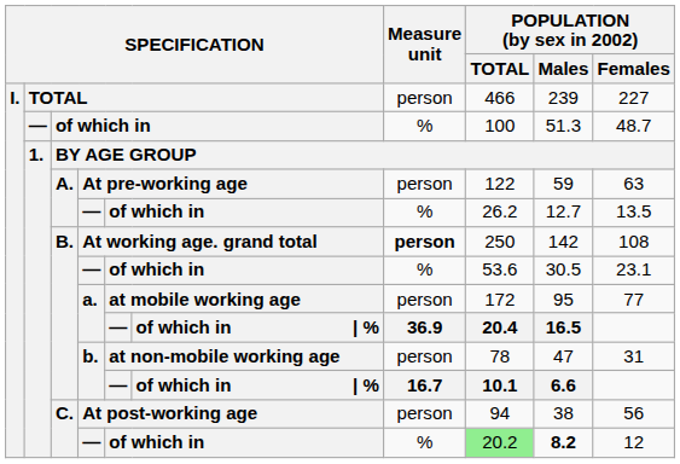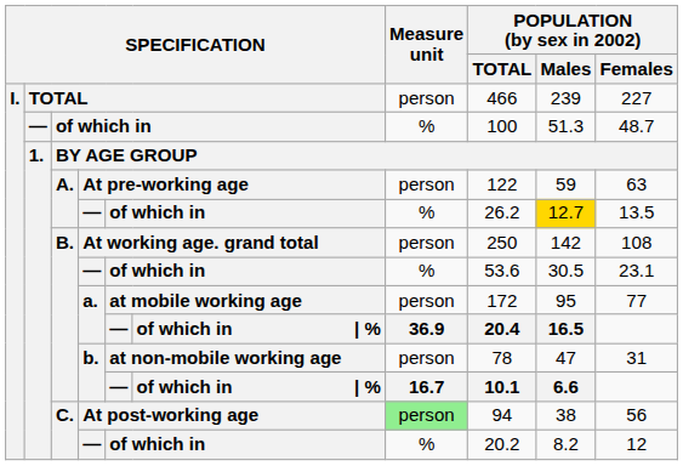 <table class="wikitable" style="font-size:85%; text-align:center">
 <tr>
 <th rowspan="2" colspan="6">SPECIFICATION</th>
 <th rowspan="2">Measure<br> unit</th>
 <th colspan="3" rowspan="1">POPULATION<br> (by sex in 2002)</th>
 </tr>
 <tr>
 <th>TOTAL</th>
 <th>Males</th>
 <th>Females</th>
 </tr>
 <tr>
 <th style="text-align:left" valign="top" rowspan="13">I.</th>
 <th style="text-align:left" colspan="5">TOTAL</th>
 <td>person</td>
 <td>466</td>
 <td>239</td>
 <td>227</td>
 </tr>
 <tr>
 <th style="text-align:left" valign="top">—</th>
 <th style="text-align:left" colspan="4">of which in</th>
 <td>%</td>
 <td>100</td>
 <td>51.3</td>
 <td>48.7</td>
 </tr>
 <tr>
 <th style="text-align:left" valign="top" rowspan="11">1.</th>
 <th style="text-align:left" colspan="19">BY AGE GROUP</th>
 </tr>
 <tr>
 <th style="text-align:left" valign="top" rowspan="2">A.</th>
 <th style="text-align:left" colspan="3">At pre-working age</th>
 <td>person</td>
 <td>122</td>
 <td>59</td>
 <td>63</td>
 </tr>
 <tr>
 <th style="text-align:left" valign="top">—</th>
 <th style="text-align:left" valign="top" colspan="2">of which in</th>
 <td>%</td>
 <td>26.2</td>
-<td>12.7</td>
+<td style="background: gold;">12.7</td>
 <td>13.5</td>
 </tr>
 <tr>
 <th style="text-align:left" valign="top" rowspan="6">B.</th>
 <th style="text-align:left" colspan="3">At working age. grand total</th>
-<td><strong>person</strong></td>
+<td>person</td>
 <td>250</td>
 <td>142</td>
 <td>108</td>
 </tr>
 <tr>
 <th style="text-align:left" valign="top">—</th>
 <th style="text-align:left" valign="top" colspan="2">of which in</th>
 <td>%</td>
 <td>53.6</td>
 <td>30.5</td>
 <td>23.1</td>
 </tr>
 <tr>
 <th style="text-align:left" valign="top" rowspan="2">a.</th>
 <th style="text-align:left" colspan="2">at mobile working age</th>
 <td>person</td>
 <td>172</td>
 <td>95</td>
 <td>77</td>
 </tr>
 <tr>
 <th style="text-align:left" valign="top">—</th>
 <th style="text-align:left" valign="top" colspan="1">of which in                        | %</th>
 <th>36.9</th>
 <th>20.4</th>
 <th>16.5</th>
 </tr>
 <tr>
 <th style="text-align:left" valign="top" rowspan="2">b.</th>
 <th style="text-align:left" colspan="2">at non-mobile working age</th>
 <td>person</td>
 <td>78</td>
 <td>47</td>
 <td>31</td>
 </tr>
 <tr>
 <th style="text-align:left" valign="top">—</th>
 <th style="text-align:left" valign="top" colspan="1">of which in                        | %</th>
 <th>16.7</th>
 <th>10.1</th>
 <th>6.6</th>
 </tr>
 <tr>
 <th style="text-align:left" valign="top" rowspan="2">C.</th>
 <th style="text-align:left" colspan="3">At post-working age</th>
-<td>person</td>
+<td style="background: lightgreen;">person</td>
 <td>94</td>
 <td>38</td>
 <td>56</td>
 </tr>
 <tr>
 <th style="text-align:left" valign="top">—</th>
 <th style="text-align:left" valign="top" colspan="2">of which in</th>
 <td>%</td>
-<td style="background: lightgreen;">20.2</td>
-<td><strong>8.2</strong></td>
+<td>20.2</td>
+<td>8.2</td>
 <td>12</td>
 </tr>
 </table>
